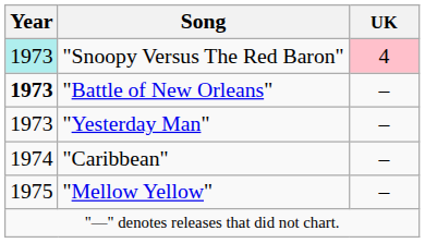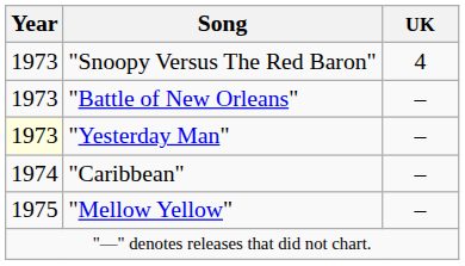 <table class="wikitable">
 <tr>
 <th>Year</th>
 <th>Song</th>
 <th style="width:45px;"><small>UK</small></th>
 </tr>
 <tr>
-<td rowspan="1" style="background: paleturquoise;">1973</td>
+<td rowspan="1">1973</td>
 <td>"Snoopy Versus The Red Baron"</td>
-<td align=center style="background: pink;">4</td>
+<td align=center>4</td>
 </tr>
 <tr>
-<td rowspan="1"><strong>1973</strong></td>
+<td rowspan="1">1973</td>
 <td>"<a href='#'>Battle of New Orleans</a>"</td>
 <td align=center>–</td>
 </tr>
 <tr>
-<td rowspan="1">1973</td>
+<td rowspan="1" style="background: lightyellow;">1973</td>
 <td>"<a href='#'>Yesterday Man</a>"</td>
 <td align=center>–</td>
 </tr>
 <tr>
 <td rowspan="1">1974</td>
 <td>"Caribbean"</td>
 <td align=center>–</td>
 </tr>
 <tr>
 <td rowspan="1">1975</td>
 <td>"<a href='#'>Mellow Yellow</a>"</td>
 <td align=center>–</td>
 </tr>
 <tr>
 <td colspan="4" style="text-align:center; font-size:9pt;">"—" denotes releases that did not chart.</td>
 </tr>
 </table>
